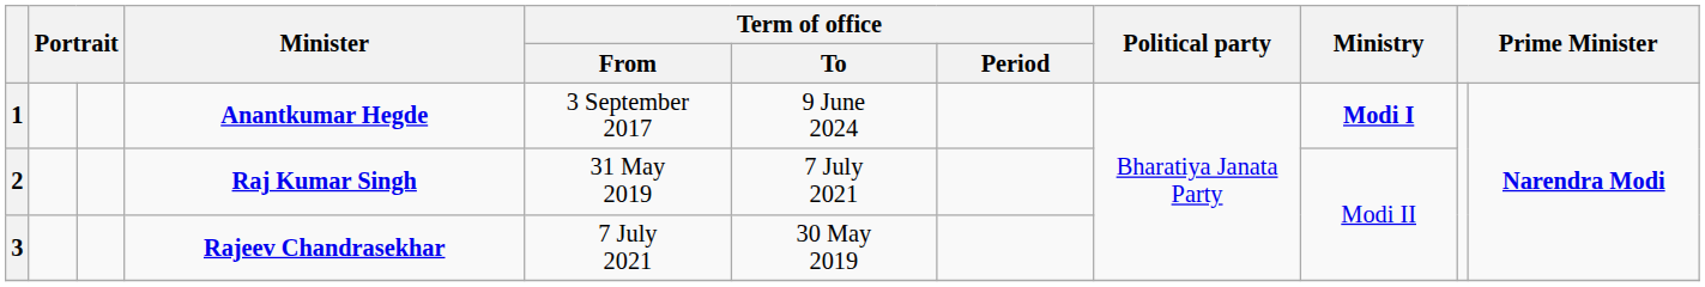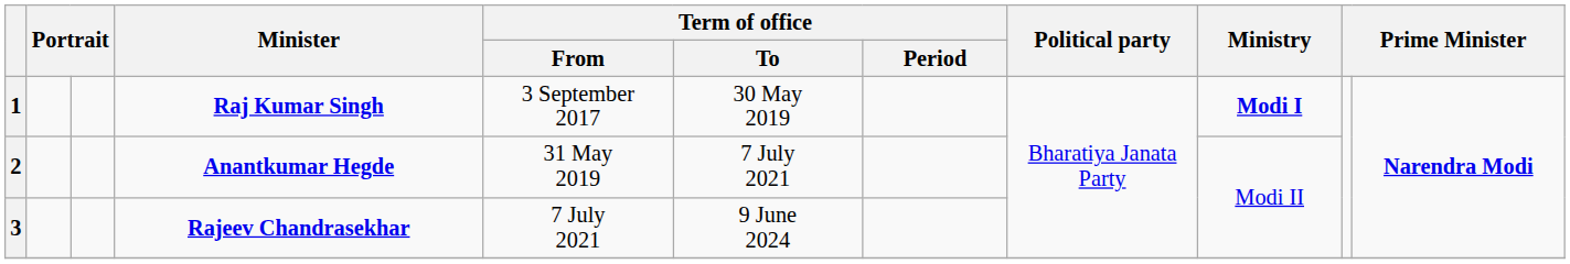 <table class="wikitable" style="text-align:center">
 <tr>
 <th rowspan="2"></th>
 <th rowspan="2" colspan="2">Portrait</th>
 <th rowspan="2" style="width:16em">Minister<br></th>
 <th colspan="3">Term of office</th>
 <th rowspan="2" style="width:8em">Political party</th>
 <th rowspan="2" style="width:6em">Ministry</th>
 <th rowspan="2" colspan="2">Prime Minister</th>
 </tr>
 <tr>
 <th style="width:8em">From</th>
 <th style="width:8em">To</th>
 <th style="width:6em">Period</th>
 </tr>
 <tr>
 <th>1</th>
 <td></td>
 <td></td>
-<td><strong><a href='#'>Anantkumar Hegde</a></strong><br></td>
+<td><strong><a href='#'>Raj Kumar Singh</a></strong><br></td>
 <td>3 September<br>2017</td>
-<td>9 June<br>2024</td>
+<td>30 May<br>2019</td>
 <td><strong></strong></td>
 <td rowspan="3"><a href='#'>Bharatiya Janata Party</a></td>
 <td><strong><a href='#'>Modi I</a></strong></td>
 <td rowspan="3"></td>
 <td rowspan="3" style="width:9em"><strong><a href='#'>Narendra Modi</a></strong></td>
 </tr>
 <tr>
 <th>2</th>
 <td></td>
 <td></td>
-<td><strong><a href='#'>Raj Kumar Singh</a></strong><br></td>
+<td><strong><a href='#'>Anantkumar Hegde</a></strong><br></td>
 <td>31 May<br>2019</td>
 <td>7 July<br>2021</td>
 <td><strong></strong></td>
 <td rowspan="2"><a href='#'>Modi II</a></td>
 </tr>
 <tr>
 <th>3</th>
 <td></td>
 <td></td>
 <td><strong><a href='#'>Rajeev Chandrasekhar</a></strong><br></td>
 <td>7 July<br>2021</td>
-<td>30 May<br>2019</td>
+<td>9 June<br>2024</td>
 <td><strong></strong></td>
 </tr>
 <tr>
 </tr>
 </table>
